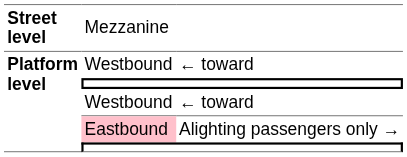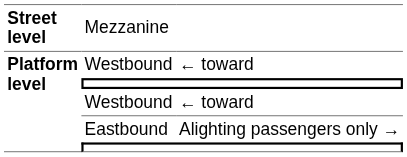 <table border=0 cellspacing=0 cellpadding=3>
 <tr>
 <td style="border-top:solid 1px gray" valign=top><strong>Street level</strong></td>
 <td style="border-top:solid 1px gray">Mezzanine</td>
 <td style="border-top:solid 1px gray"></td>
 </tr>
 <tr>
 <td style="border-top:solid 1px gray;border-bottom:solid 1px gray" width=50 rowspan=5 valign=top><strong>Platform level</strong></td>
 <td style="border-top:solid 1px gray">Westbound</td>
 <td style="border-top:solid 1px gray">←   toward  </td>
 </tr>
 <tr>
 <td style="border-top:solid 2px black;border-right:solid 2px black;border-left:solid 2px black;border-bottom:solid 2px black;text-align:center;" colspan=2></td>
 </tr>
 <tr>
 <td style="border-bottom:solid 1px gray">Westbound</td>
 <td style="border-bottom:solid 1px gray">←   toward  </td>
 </tr>
 <tr>
-<td style="background: pink;">Eastbound</td>
+<td>Eastbound</td>
 <td>   Alighting passengers only →</td>
 </tr>
 <tr>
 <td style="border-top:solid 2px black;border-right:solid 2px black;border-left:solid 2px black;text-align:center;border-bottom:solid 1px gray" colspan=2></td>
 </tr>
 </table>
